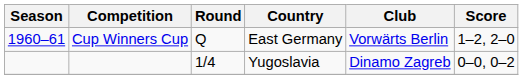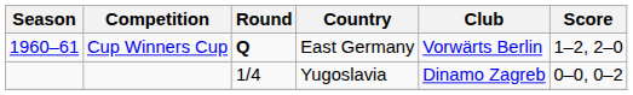 <table class="wikitable">
 <tr>
 <th>Season</th>
 <th>Competition</th>
 <th>Round</th>
 <th>Country</th>
 <th>Club</th>
 <th>Score</th>
 </tr>
 <tr>
 <td><a href='#'>1960–61</a></td>
 <td><a href='#'>Cup Winners Cup</a></td>
-<td>Q</td>
+<td><strong>Q</strong></td>
 <td> East Germany</td>
 <td><a href='#'>Vorwärts Berlin</a></td>
 <td>1–2, 2–0</td>
 </tr>
 <tr>
 <td></td>
 <td></td>
 <td>1/4</td>
 <td> Yugoslavia</td>
 <td><a href='#'>Dinamo Zagreb</a></td>
 <td>0–0, 0–2</td>
 </tr>
 <tr>
 </tr>
 </table>
